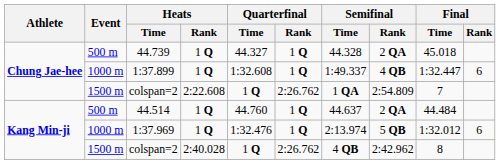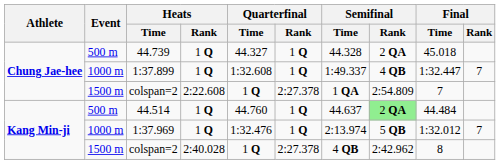 <table class="wikitable" style="font-size:90%">
 <tr>
 <th rowspan=2>Athlete</th>
 <th rowspan=2>Event</th>
 <th colspan=2>Heats</th>
 <th colspan=2>Quarterfinal</th>
 <th colspan=2>Semifinal</th>
 <th colspan=2>Final</th>
 </tr>
 <tr style="font-size:95%">
 <th>Time</th>
 <th>Rank</th>
 <th>Time</th>
 <th>Rank</th>
 <th>Time</th>
 <th>Rank</th>
 <th>Time</th>
 <th>Rank</th>
 </tr>
 <tr align=center>
 <td align=left rowspan=3><strong><a href='#'>Chung Jae-hee</a></strong></td>
 <td align=left><a href='#'>500 m</a></td>
 <td>44.739</td>
 <td>1 <strong>Q</strong></td>
 <td>44.327</td>
 <td>1 <strong>Q</strong></td>
 <td>44.328</td>
 <td>2 <strong>QA</strong></td>
 <td>45.018</td>
 <td></td>
 </tr>
 <tr align=center>
 <td align=left><a href='#'>1000 m</a></td>
 <td>1:37.899</td>
 <td>1 <strong>Q</strong></td>
 <td>1:32.608</td>
 <td>1 <strong>Q</strong></td>
 <td>1:49.337</td>
 <td>4 <strong>QB</strong></td>
 <td>1:32.447</td>
-<td>6</td>
+<td>7</td>
 </tr>
 <tr align=center>
 <td align=left><a href='#'>1500 m</a></td>
 <td>colspan=2</td>
 <td>2:22.608</td>
 <td>1 <strong>Q</strong></td>
-<td>2:26.762</td>
+<td>2:27.378</td>
 <td>1 <strong>QA</strong></td>
 <td>2:54.809</td>
 <td>7</td>
 </tr>
 <tr align=center>
 <td align=left rowspan=3><strong><a href='#'>Kang Min-ji</a></strong></td>
 <td align=left><a href='#'>500 m</a></td>
 <td>44.514</td>
 <td>1 <strong>Q</strong></td>
 <td>44.760</td>
 <td>1 <strong>Q</strong></td>
 <td>44.637</td>
-<td>2 <strong>QA</strong></td>
+<td style="background: lightgreen;">2 <strong>QA</strong></td>
 <td>44.484</td>
 <td></td>
 </tr>
 <tr align=center>
 <td align=left><a href='#'>1000 m</a></td>
 <td>1:37.969</td>
 <td>1 <strong>Q</strong></td>
 <td>1:32.476</td>
 <td>1 <strong>Q</strong></td>
 <td>2:13.974</td>
 <td>5 <strong>QB</strong></td>
 <td>1:32.012</td>
-<td>6</td>
+<td>7</td>
 </tr>
 <tr align=center>
 <td align=left><a href='#'>1500 m</a></td>
 <td>colspan=2</td>
 <td>2:40.028</td>
 <td>1 <strong>Q</strong></td>
-<td>2:26.762</td>
+<td>2:27.378</td>
 <td>4 <strong>QB</strong></td>
 <td>2:42.962</td>
 <td>8</td>
 </tr>
 </table>
